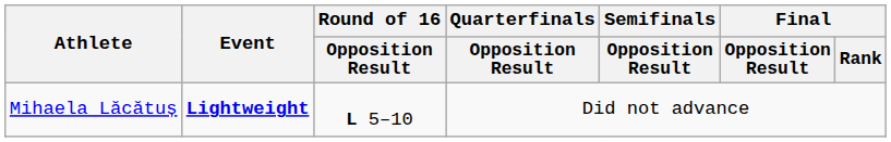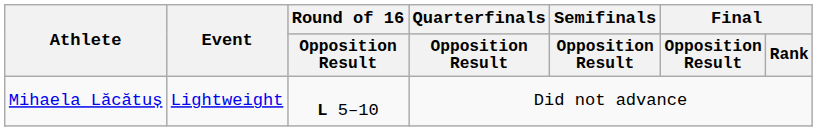 <table class="wikitable" style="font-size:90%">
 <tr>
 <th rowspan=2>Athlete</th>
 <th rowspan=2>Event</th>
 <th>Round of 16</th>
 <th>Quarterfinals</th>
 <th>Semifinals</th>
 <th colspan=2>Final</th>
 </tr>
 <tr style="font-size:95%">
 <th>Opposition<br>Result</th>
 <th>Opposition<br>Result</th>
 <th>Opposition<br>Result</th>
 <th>Opposition<br>Result</th>
 <th>Rank</th>
 </tr>
 <tr align=center>
 <td align=left><a href='#'>Mihaela Lăcătuș</a></td>
-<td align=left><strong><a href='#'>Lightweight</a></strong></td>
+<td align=left><a href='#'>Lightweight</a></td>
 <td><br><strong>L</strong> 5–10</td>
 <td colspan=4>Did not advance</td>
 </tr>
 </table>
